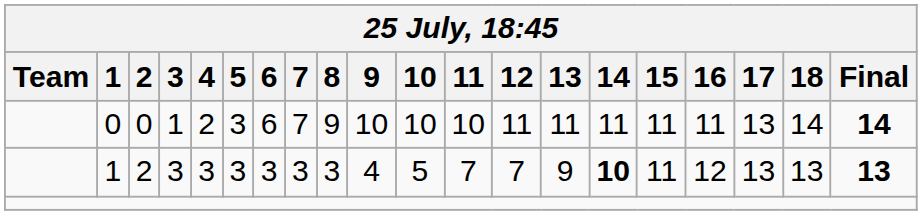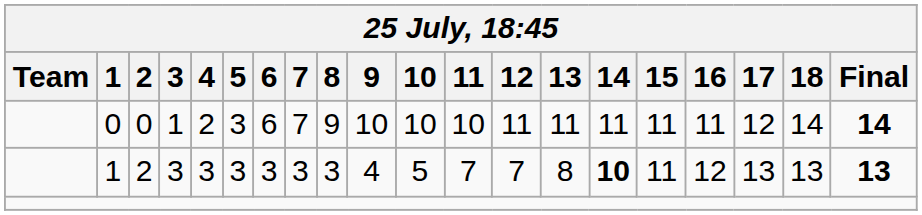 <table class=wikitable style="text-align:center; width: 55%">
 <tr>
 <th colspan=20><em>25 July, 18:45</em></th>
 </tr>
 <tr>
 <th>Team</th>
 <th>1</th>
 <th>2</th>
 <th>3</th>
 <th>4</th>
 <th>5</th>
 <th>6</th>
 <th>7</th>
 <th>8</th>
 <th>9</th>
 <th>10</th>
 <th>11</th>
 <th>12</th>
 <th>13</th>
 <th>14</th>
 <th>15</th>
 <th>16</th>
 <th>17</th>
 <th>18</th>
 <th>Final</th>
 </tr>
 <tr>
 <td align=left><strong></strong></td>
 <td>0</td>
 <td>0</td>
 <td>1</td>
 <td>2</td>
 <td>3</td>
 <td>6</td>
 <td>7</td>
 <td>9</td>
 <td>10</td>
 <td>10</td>
 <td>10</td>
 <td>11</td>
 <td>11</td>
 <td>11</td>
 <td>11</td>
 <td>11</td>
-<td>13</td>
+<td>12</td>
 <td>14</td>
 <td><strong>14</strong></td>
 </tr>
 <tr>
 <td align=left></td>
 <td>1</td>
 <td>2</td>
 <td>3</td>
 <td>3</td>
 <td>3</td>
 <td>3</td>
 <td>3</td>
 <td>3</td>
 <td>4</td>
 <td>5</td>
 <td>7</td>
 <td>7</td>
-<td>9</td>
+<td>8</td>
 <td><strong>10</strong></td>
 <td>11</td>
 <td>12</td>
 <td>13</td>
 <td>13</td>
 <td><strong>13</strong></td>
 </tr>
 <tr>
 <td colspan=20></td>
 </tr>
 </table>
